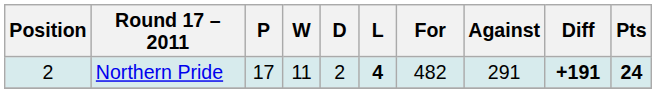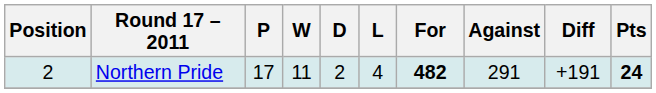 <table class="wikitable" style="text-align:center; font-size:85%;">
 <tr>
 <th width=40 abbr="Position">Position</th>
 <th width=100>Round 17 – 2011</th>
 <th width=20 abbr="Played">P</th>
 <th width=20 abbr="Won">W</th>
 <th width=20 abbr="Drawn">D</th>
 <th width=20 abbr="Lost">L</th>
 <th width=40 abbr="Points for">For</th>
 <th width=40 abbr="Points against">Against</th>
 <th width=40 abbr="Points difference">Diff</th>
 <th width=20 abbr="Points">Pts</th>
 </tr>
 <tr style="background: #d7ebed;">
 <td>2</td>
 <td style="text-align:left;"> <a href='#'>Northern Pride</a></td>
 <td>17</td>
 <td>11</td>
 <td>2</td>
-<td><strong>4</strong></td>
-<td>482</td>
+<td>4</td>
+<td><strong>482</strong></td>
 <td>291</td>
-<td><strong>+191</strong></td>
+<td>+191</td>
 <td><strong>24</strong></td>
 </tr>
 <tr>
 </tr>
 </table>
